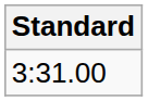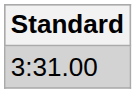 <table class="wikitable" border="1" align="upright">
 <tr>
 <th>Standard</th>
 </tr>
 <tr>
-<td>3:31.00</td>
+<td style="background: lightgrey;">3:31.00</td>
 </tr>
 </table>
